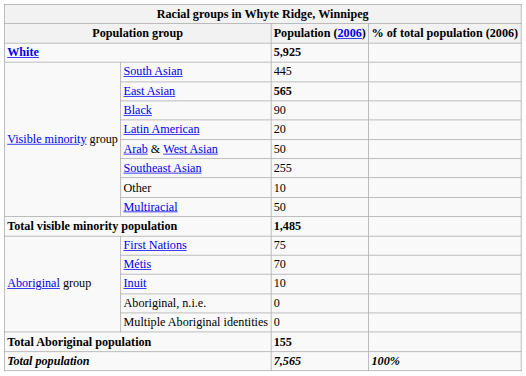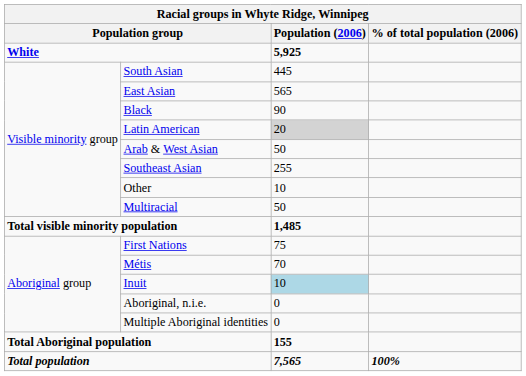 <table class="wikitable">
 <tr>
 <th colspan="6">Racial groups in Whyte Ridge, Winnipeg</th>
 </tr>
 <tr>
 <th colspan="2">Population group</th>
 <th>Population (<a href='#'>2006</a>)</th>
 <th>% of total population (2006)</th>
 </tr>
 <tr>
 <td colspan="2"><strong><a href='#'>White</a></strong></td>
 <td><strong>5,925</strong></td>
 <td><strong></strong></td>
 </tr>
 <tr>
 <td rowspan="8"><a href='#'>Visible minority</a> group</td>
 <td><a href='#'>South Asian</a></td>
 <td>445</td>
 <td></td>
 </tr>
 <tr>
 <td><a href='#'>East Asian</a></td>
-<td><strong>565</strong></td>
+<td>565</td>
 <td></td>
 </tr>
 <tr>
 <td><a href='#'>Black</a></td>
 <td>90</td>
 <td></td>
 </tr>
 <tr>
 <td><a href='#'>Latin American</a></td>
-<td>20</td>
+<td style="background: lightgrey;">20</td>
 <td></td>
 </tr>
 <tr>
 <td><a href='#'>Arab</a> & <a href='#'>West Asian</a></td>
 <td>50</td>
 <td></td>
 </tr>
 <tr>
 <td><a href='#'>Southeast Asian</a></td>
 <td>255</td>
 <td></td>
 </tr>
 <tr>
 <td>Other</td>
 <td>10</td>
 <td></td>
 </tr>
 <tr>
 <td><a href='#'>Multiracial</a></td>
 <td>50</td>
 <td></td>
 </tr>
 <tr>
 <td colspan="2"><strong>Total visible minority population</strong></td>
 <td><strong>1,485</strong></td>
 <td><strong></strong></td>
 </tr>
 <tr>
 <td rowspan="5"><a href='#'>Aboriginal</a> group</td>
 <td><a href='#'>First Nations</a></td>
 <td>75</td>
 <td></td>
 </tr>
 <tr>
 <td><a href='#'>Métis</a></td>
 <td>70</td>
 <td></td>
 </tr>
 <tr>
 <td><a href='#'>Inuit</a></td>
-<td>10</td>
+<td style="background: lightblue;">10</td>
 <td></td>
 </tr>
 <tr>
 <td>Aboriginal, n.i.e.</td>
 <td>0</td>
 <td></td>
 </tr>
 <tr>
 <td>Multiple Aboriginal identities</td>
 <td>0</td>
 <td></td>
 </tr>
 <tr>
 <td colspan="2"><strong>Total Aboriginal population</strong></td>
 <td><strong>155</strong></td>
 <td><strong></strong></td>
 </tr>
 <tr>
 <td colspan="2"><strong><em>Total population</em></strong></td>
 <td><strong><em>7,565</em></strong></td>
 <td><strong><em>100%</em></strong></td>
 </tr>
 </table>
